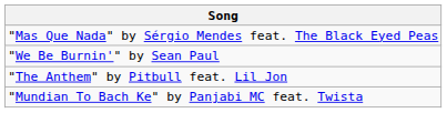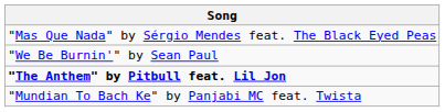 <table class="wikitable">
 <tr>
 <th>Song</th>
 </tr>
 <tr>
 <td>"<a href='#'>Mas Que Nada</a>" by <a href='#'>Sérgio Mendes</a> feat. <a href='#'>The Black Eyed Peas</a></td>
 </tr>
 <tr>
 <td>"<a href='#'>We Be Burnin'</a>" by <a href='#'>Sean Paul</a></td>
 </tr>
 <tr>
-<td>"<a href='#'>The Anthem</a>" by <a href='#'>Pitbull</a> feat. <a href='#'>Lil Jon</a></td>
+<td><strong>"<a href='#'>The Anthem</a>" by <a href='#'>Pitbull</a> feat. <a href='#'>Lil Jon</a></strong></td>
 </tr>
 <tr>
 <td>"<a href='#'>Mundian To Bach Ke</a>" by <a href='#'>Panjabi MC</a> feat. <a href='#'>Twista</a></td>
 </tr>
 </table>
